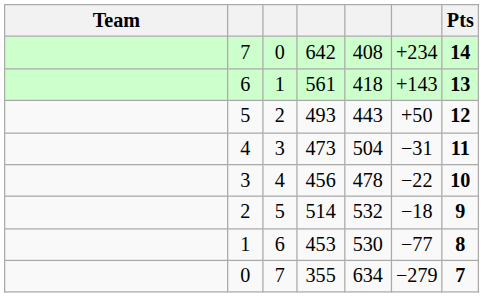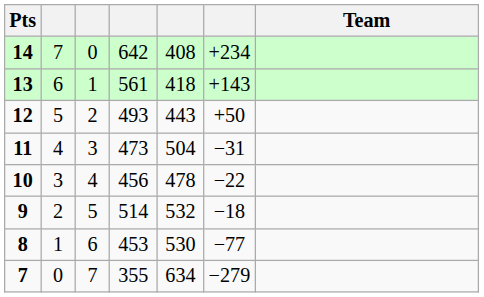 <table class="wikitable" style="text-align:center;">
 <tr>
-<th width=170>Team</th>
+<th width=20>Pts</th>
 <th width=20></th>
 <th width=20></th>
 <th width=30></th>
 <th width=30></th>
 <th width=30></th>
-<th width=20>Pts</th>
+<th width=170>Team</th>
 </tr>
 <tr style="background:#cfc;">
-<td align=left></td>
+<td><strong>14</strong></td>
 <td>7</td>
 <td>0</td>
 <td>642</td>
 <td>408</td>
 <td>+234</td>
-<td><strong>14</strong></td>
+<td align=left></td>
 </tr>
 <tr style="background:#cfc;">
-<td align=left></td>
+<td><strong>13</strong></td>
 <td>6</td>
 <td>1</td>
 <td>561</td>
 <td>418</td>
 <td>+143</td>
-<td><strong>13</strong></td>
+<td align=left></td>
 </tr>
 <tr>
-<td align=left></td>
+<td><strong>12</strong></td>
 <td>5</td>
 <td>2</td>
 <td>493</td>
 <td>443</td>
 <td>+50</td>
-<td><strong>12</strong></td>
+<td align=left></td>
 </tr>
 <tr>
-<td align=left></td>
+<td><strong>11</strong></td>
 <td>4</td>
 <td>3</td>
 <td>473</td>
 <td>504</td>
 <td>−31</td>
-<td><strong>11</strong></td>
+<td align=left></td>
 </tr>
 <tr>
-<td align=left></td>
+<td><strong>10</strong></td>
 <td>3</td>
 <td>4</td>
 <td>456</td>
 <td>478</td>
 <td>−22</td>
-<td><strong>10</strong></td>
+<td align=left></td>
 </tr>
 <tr>
-<td align=left></td>
+<td><strong>9</strong></td>
 <td>2</td>
 <td>5</td>
 <td>514</td>
 <td>532</td>
 <td>−18</td>
-<td><strong>9</strong></td>
+<td align=left></td>
 </tr>
 <tr>
-<td align=left></td>
+<td><strong>8</strong></td>
 <td>1</td>
 <td>6</td>
 <td>453</td>
 <td>530</td>
 <td>−77</td>
-<td><strong>8</strong></td>
+<td align=left></td>
 </tr>
 <tr>
-<td align=left></td>
+<td><strong>7</strong></td>
 <td>0</td>
 <td>7</td>
 <td>355</td>
 <td>634</td>
 <td>−279</td>
-<td><strong>7</strong></td>
+<td align=left></td>
 </tr>
 </table>
